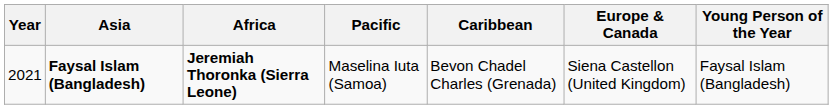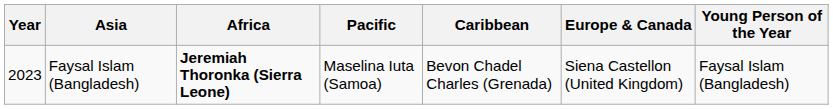 <table class="wikitable">
 <tr>
 <th>Year</th>
 <th>Asia</th>
 <th>Africa</th>
 <th>Pacific</th>
 <th>Caribbean</th>
 <th>Europe & Canada</th>
 <th>Young Person of the Year</th>
 </tr>
 <tr>
-<td>2021</td>
-<td><strong>Faysal Islam (Bangladesh)</strong></td>
+<td>2023</td>
+<td>Faysal Islam (Bangladesh)</td>
 <td><strong>Jeremiah Thoronka (Sierra Leone)</strong></td>
 <td>Maselina Iuta (Samoa)</td>
 <td>Bevon Chadel Charles (Grenada)</td>
 <td>Siena Castellon (United Kingdom)</td>
 <td>Faysal Islam (Bangladesh)</td>
 </tr>
 </table>
